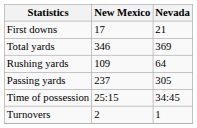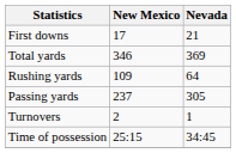 <table class="wikitable">
 <tr>
 <th>Statistics</th>
 <th>New Mexico</th>
 <th>Nevada</th>
 </tr>
 <tr>
 <td>First downs</td>
 <td>17</td>
 <td>21</td>
 </tr>
 <tr>
 <td>Total yards</td>
 <td>346</td>
 <td>369</td>
 </tr>
 <tr>
 <td>Rushing yards</td>
 <td>109</td>
 <td>64</td>
 </tr>
 <tr>
 <td>Passing yards</td>
 <td>237</td>
 <td>305</td>
 </tr>
 <tr>
+<td>Turnovers</td>
+<td>2</td>
+<td>1</td>
+</tr>
+<tr>
 <td>Time of possession</td>
 <td>25:15</td>
 <td>34:45</td>
 </tr>
 <tr>
-<td>Turnovers</td>
-<td>2</td>
-<td>1</td>
-</tr>
-<tr>
 </tr>
 </table>
